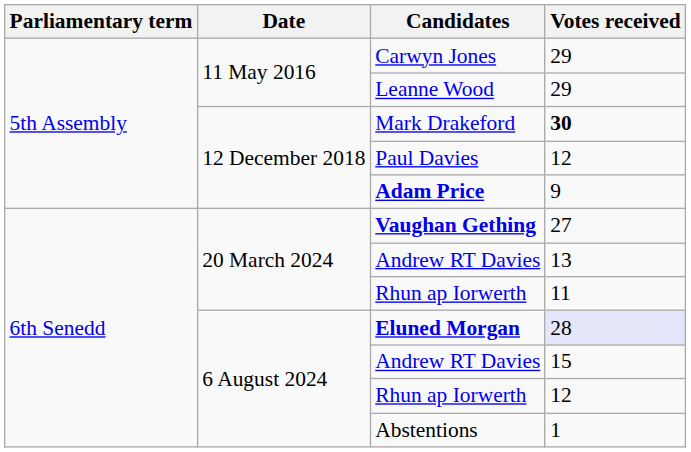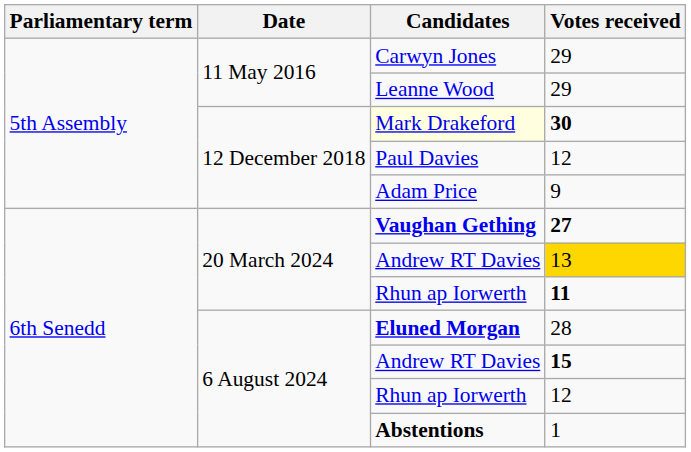 <table class="wikitable">
 <tr>
 <th>Parliamentary term</th>
 <th>Date</th>
 <th colspan="1">Candidates</th>
 <th>Votes received</th>
 </tr>
 <tr>
 <td rowspan="5"><a href='#'>5th Assembly</a></td>
 <td rowspan="2">11 May 2016</td>
 <td> <a href='#'>Carwyn Jones</a></td>
 <td>29</td>
 </tr>
 <tr>
 <td> <a href='#'>Leanne Wood</a></td>
 <td>29</td>
 </tr>
 <tr>
 <td rowspan="3">12 December 2018</td>
-<td> <a href='#'>Mark Drakeford</a></td>
+<td style="background: lightyellow;"> <a href='#'>Mark Drakeford</a></td>
 <td><strong>30</strong></td>
 </tr>
 <tr>
 <td> <a href='#'>Paul Davies</a></td>
 <td>12</td>
 </tr>
 <tr>
-<td><strong> <a href='#'>Adam Price</a></strong></td>
+<td> <a href='#'>Adam Price</a></td>
 <td>9</td>
 </tr>
 <tr>
 <td rowspan="7"><a href='#'>6th Senedd</a></td>
 <td rowspan="3">20 March 2024</td>
 <td> <strong><a href='#'>Vaughan Gething</a></strong></td>
-<td>27</td>
+<td><strong>27</strong></td>
 </tr>
 <tr>
 <td> <a href='#'>Andrew RT Davies</a></td>
-<td>13</td>
+<td style="background: gold;">13</td>
 </tr>
 <tr>
 <td> <a href='#'>Rhun ap Iorwerth</a></td>
-<td>11</td>
+<td><strong>11</strong></td>
 </tr>
 <tr>
 <td rowspan="4">6 August 2024</td>
 <td> <strong><a href='#'>Eluned Morgan</a></strong></td>
-<td style="background: lavender;">28</td>
+<td>28</td>
 </tr>
 <tr>
 <td> <a href='#'>Andrew RT Davies</a></td>
-<td>15</td>
+<td><strong>15</strong></td>
 </tr>
 <tr>
 <td> <a href='#'>Rhun ap Iorwerth</a></td>
 <td>12</td>
 </tr>
 <tr>
-<td>Abstentions</td>
+<td><strong>Abstentions</strong></td>
 <td>1</td>
 </tr>
 </table>
